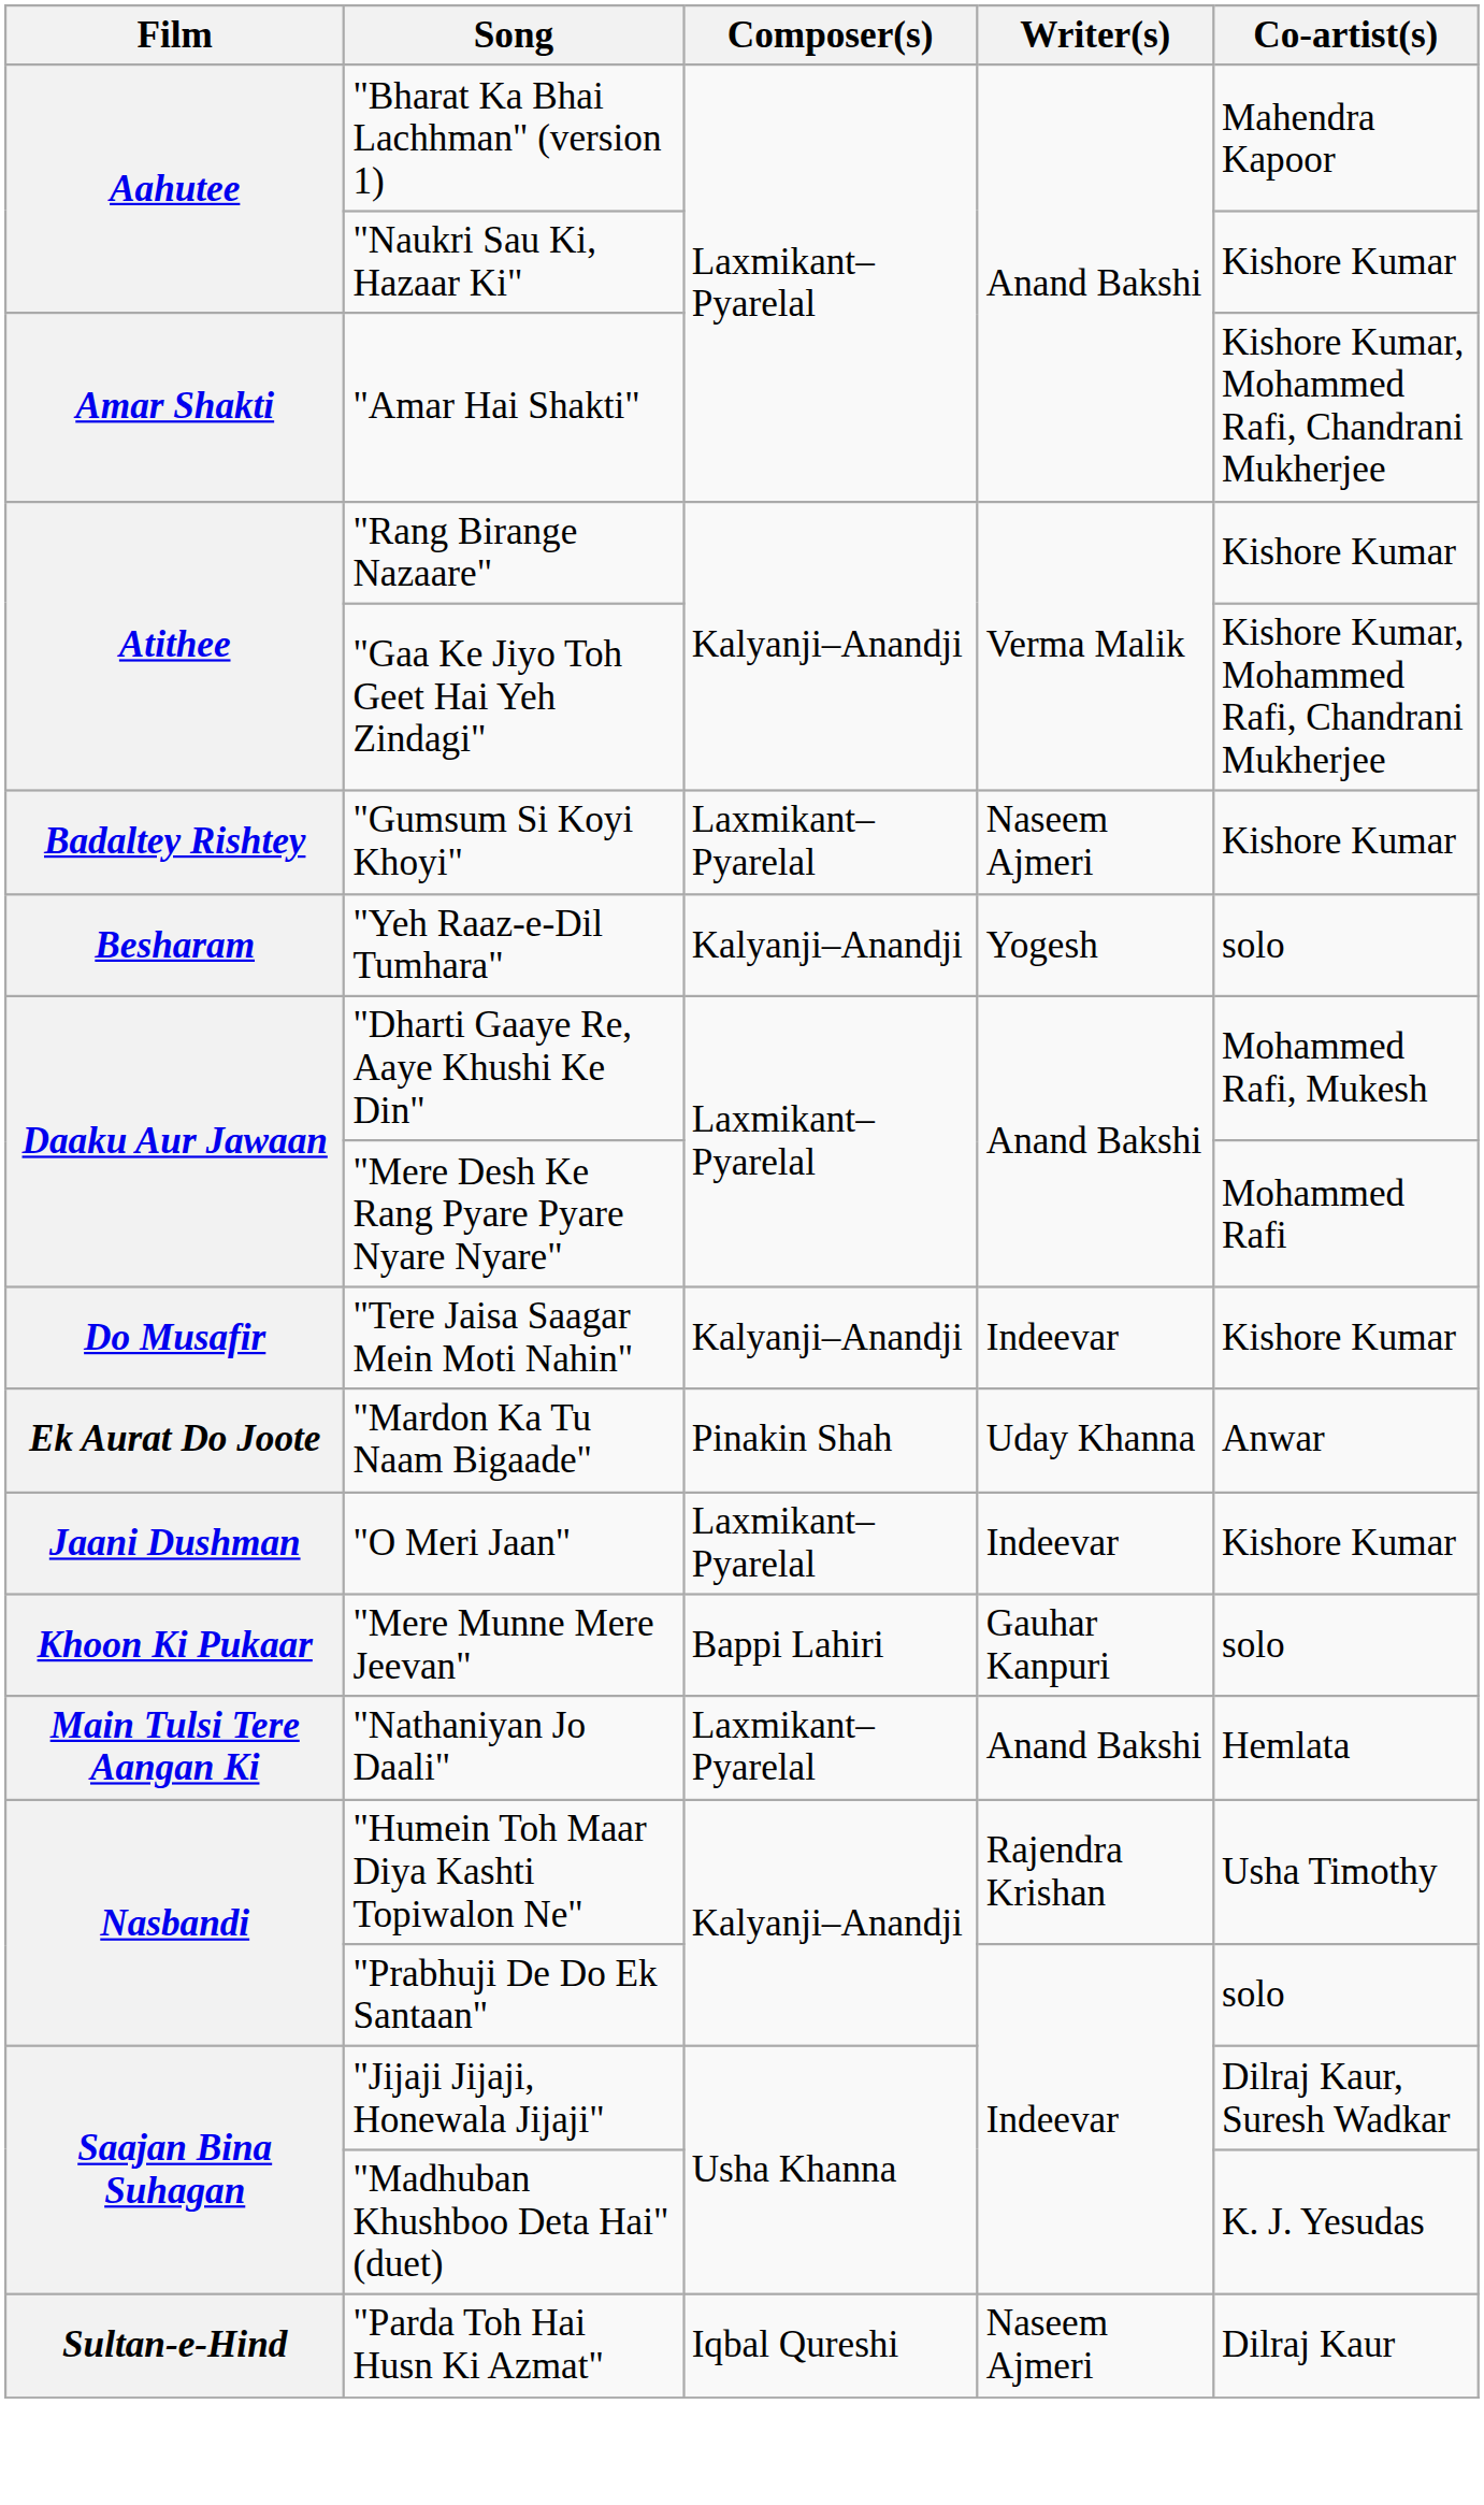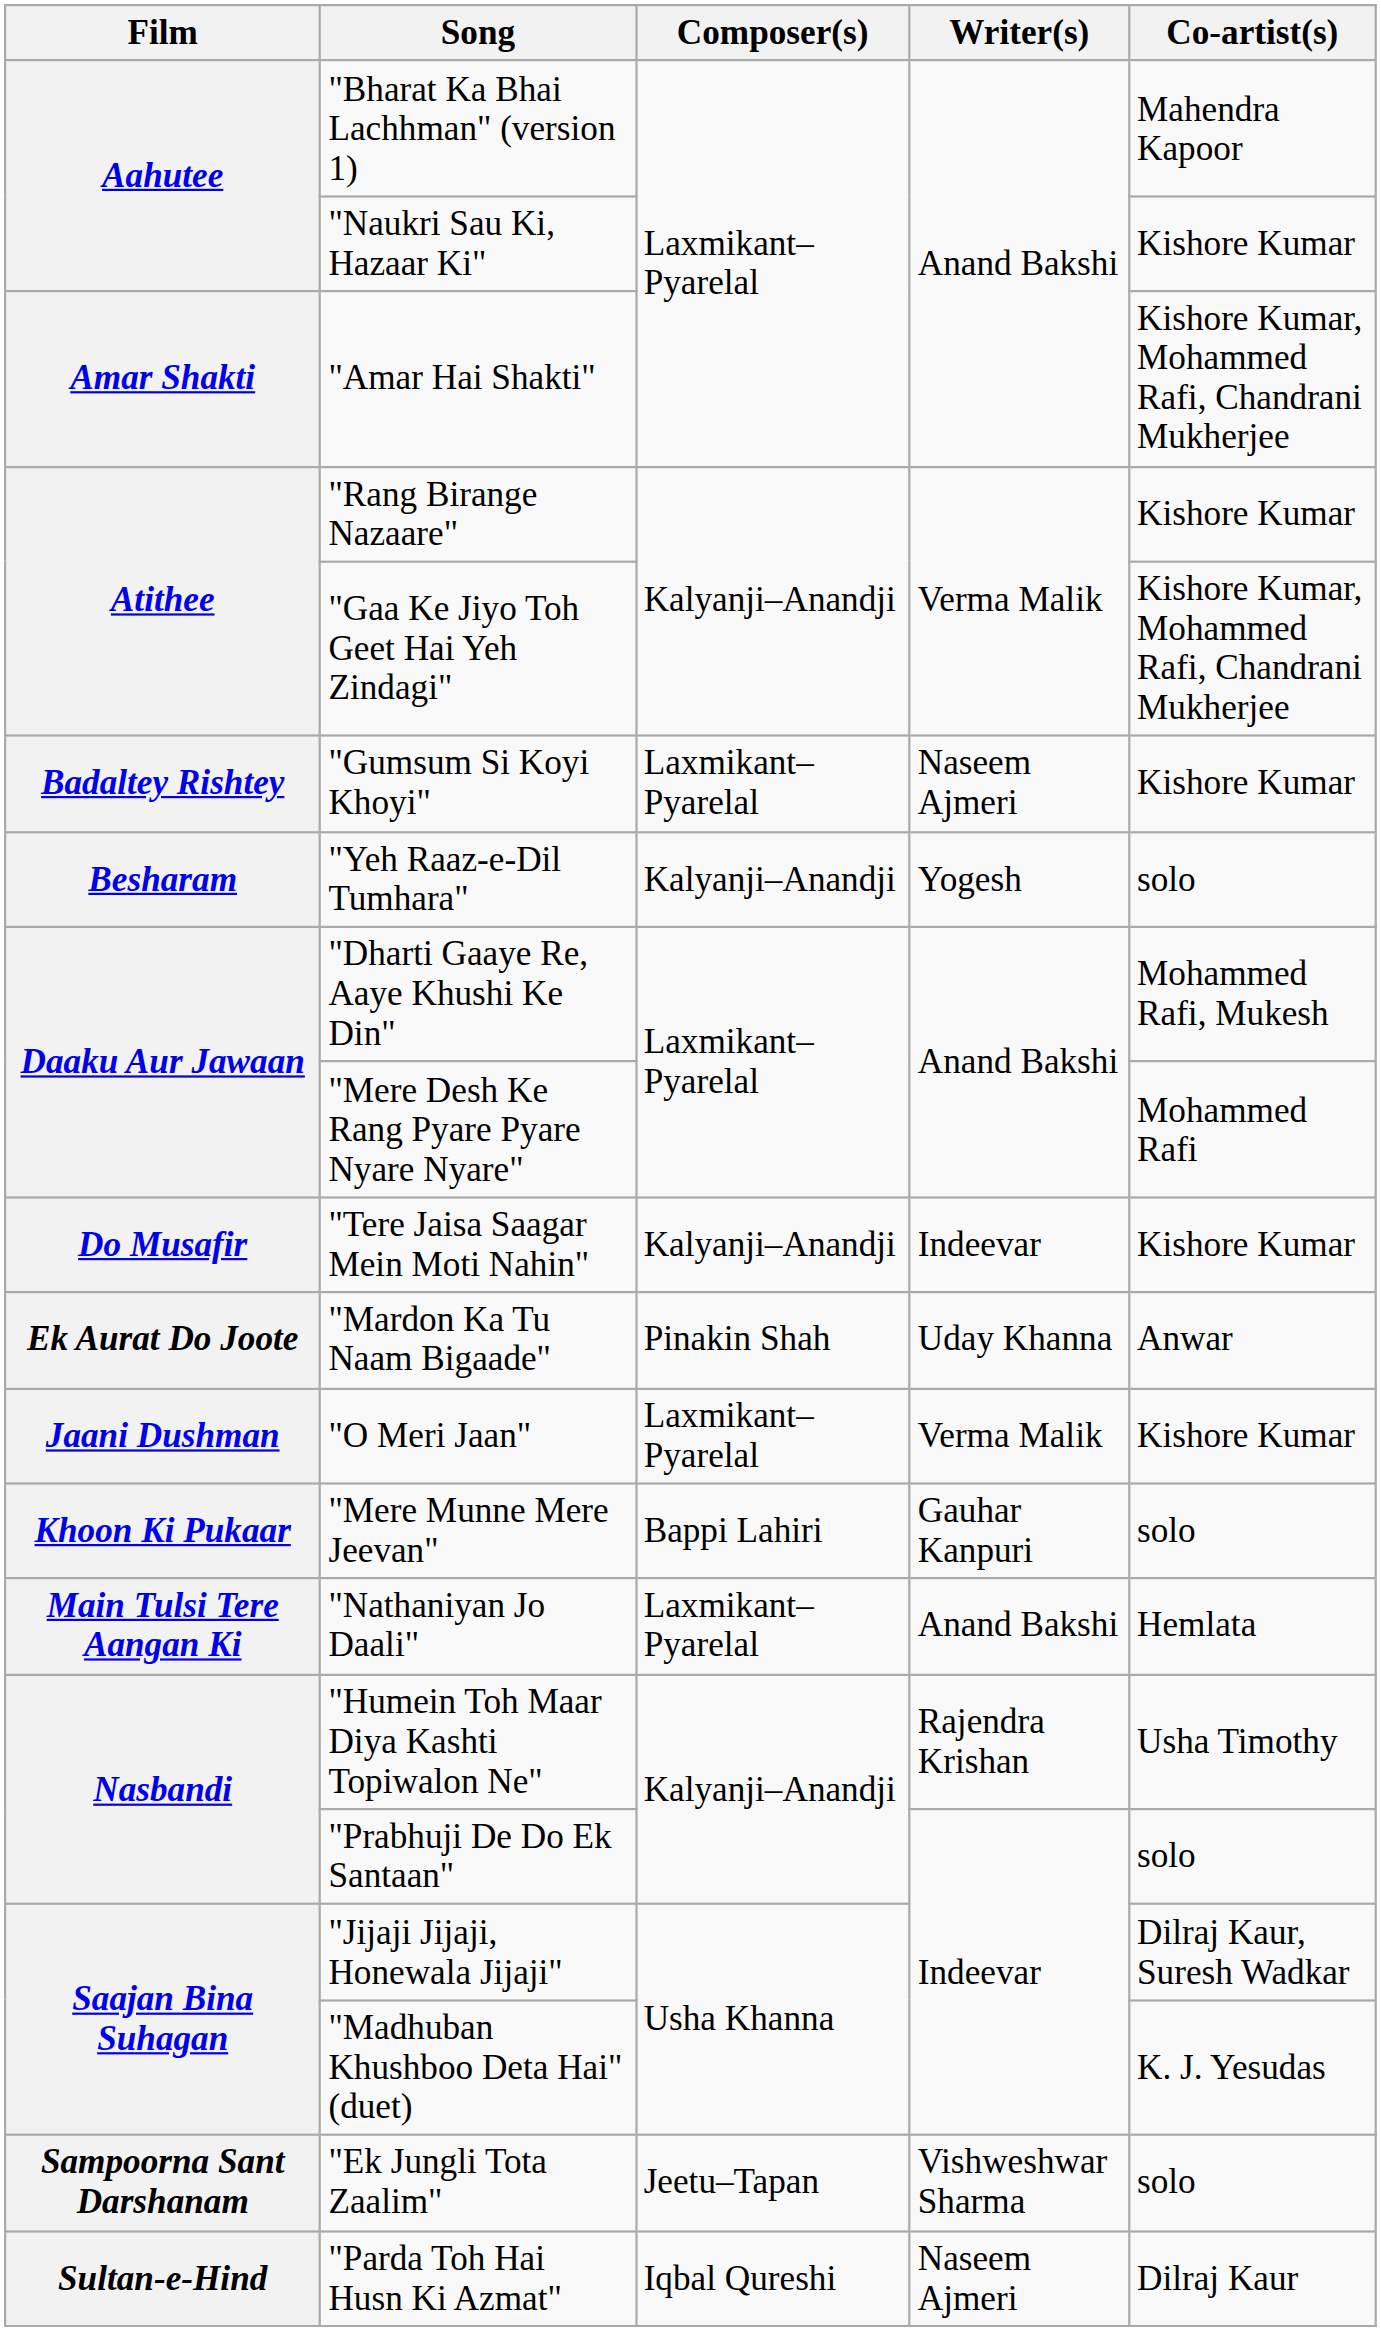 <table class="wikitable plainrowheaders" style="width:100%; textcolor:#000">
 <tr style="background:#b0e0e66;">
 <th scope="col" style="width:23%;"><strong>Film</strong></th>
 <th scope="col" style="width:23%;"><strong>Song</strong></th>
 <th scope="col" style="width:20%;"><strong>Composer(s)</strong></th>
 <th scope="col" style="width:16%;"><strong>Writer(s)</strong></th>
 <th scope="col" style="width:18%;"><strong>Co-artist(s)</strong></th>
 </tr>
 <tr>
 <th rowspan=2><em><a href='#'>Aahutee</a></em></th>
 <td>"Bharat Ka Bhai Lachhman" (version 1)</td>
 <td rowspan=3>Laxmikant–Pyarelal</td>
 <td rowspan=3>Anand Bakshi</td>
 <td>Mahendra Kapoor</td>
 </tr>
 <tr>
 <td>"Naukri Sau Ki, Hazaar Ki"</td>
 <td>Kishore Kumar</td>
 </tr>
 <tr>
 <th><em><a href='#'>Amar Shakti</a></em></th>
 <td>"Amar Hai Shakti"</td>
 <td>Kishore Kumar, Mohammed Rafi, Chandrani Mukherjee</td>
 </tr>
 <tr>
 <th Rowspan=2><em><a href='#'>Atithee</a></em></th>
 <td>"Rang Birange Nazaare"</td>
 <td rowspan=2>Kalyanji–Anandji</td>
 <td rowspan=2>Verma Malik</td>
 <td>Kishore Kumar</td>
 </tr>
 <tr>
 <td>"Gaa Ke Jiyo Toh Geet Hai Yeh Zindagi"</td>
 <td>Kishore Kumar, Mohammed Rafi, Chandrani Mukherjee</td>
 </tr>
 <tr>
 <th><em><a href='#'>Badaltey Rishtey</a></em></th>
 <td>"Gumsum Si Koyi Khoyi"</td>
 <td>Laxmikant–Pyarelal</td>
 <td>Naseem Ajmeri</td>
 <td>Kishore Kumar</td>
 </tr>
 <tr>
 <th><em><a href='#'>Besharam</a></em></th>
 <td>"Yeh Raaz-e-Dil Tumhara"</td>
 <td>Kalyanji–Anandji</td>
 <td>Yogesh</td>
 <td>solo</td>
 </tr>
 <tr>
 <th Rowspan=2><em><a href='#'>Daaku Aur Jawaan</a></em></th>
 <td>"Dharti Gaaye Re, Aaye Khushi Ke Din"</td>
 <td rowspan=2>Laxmikant–Pyarelal</td>
 <td rowspan=2>Anand Bakshi</td>
 <td>Mohammed Rafi, Mukesh</td>
 </tr>
 <tr>
 <td>"Mere Desh Ke Rang Pyare Pyare Nyare Nyare"</td>
 <td>Mohammed Rafi</td>
 </tr>
 <tr>
 <th><em><a href='#'>Do Musafir</a></em></th>
 <td>"Tere Jaisa Saagar Mein Moti Nahin"</td>
 <td>Kalyanji–Anandji</td>
 <td>Indeevar</td>
 <td>Kishore Kumar</td>
 </tr>
 <tr>
 <th><em>Ek Aurat Do Joote</em></th>
 <td>"Mardon Ka Tu Naam Bigaade"</td>
 <td>Pinakin Shah</td>
 <td>Uday Khanna</td>
 <td>Anwar</td>
 </tr>
 <tr>
 <th><em><a href='#'>Jaani Dushman</a></em></th>
 <td>"O Meri Jaan"</td>
 <td>Laxmikant–Pyarelal</td>
-<td>Indeevar</td>
+<td>Verma Malik</td>
 <td>Kishore Kumar</td>
 </tr>
 <tr>
 <th><em><a href='#'>Khoon Ki Pukaar</a></em></th>
 <td>"Mere Munne Mere Jeevan"</td>
 <td rowspan=1>Bappi Lahiri</td>
 <td>Gauhar Kanpuri</td>
 <td>solo</td>
 </tr>
 <tr>
 <th><em><a href='#'>Main Tulsi Tere Aangan Ki</a></em></th>
 <td>"Nathaniyan Jo Daali"</td>
 <td>Laxmikant–Pyarelal</td>
 <td>Anand Bakshi</td>
 <td>Hemlata</td>
 </tr>
 <tr>
 <th Rowspan=2><em><a href='#'>Nasbandi</a></em></th>
 <td>"Humein Toh Maar Diya Kashti Topiwalon Ne"</td>
 <td rowspan=2>Kalyanji–Anandji</td>
 <td>Rajendra Krishan</td>
 <td>Usha Timothy</td>
 </tr>
 <tr>
 <td>"Prabhuji De Do Ek Santaan"</td>
 <td rowspan=3>Indeevar</td>
 <td>solo</td>
 </tr>
 <tr>
 <th Rowspan=2><em><a href='#'>Saajan Bina Suhagan</a></em></th>
 <td>"Jijaji Jijaji, Honewala Jijaji"</td>
 <td Rowspan=2>Usha Khanna</td>
 <td>Dilraj Kaur, Suresh Wadkar</td>
 </tr>
 <tr>
 <td>"Madhuban Khushboo Deta Hai" (duet)</td>
 <td>K. J. Yesudas</td>
 </tr>
 <tr>
+<th><em>Sampoorna Sant Darshanam</em></th>
+<td>"Ek Jungli Tota Zaalim"</td>
+<td>Jeetu–Tapan</td>
+<td>Vishweshwar Sharma</td>
+<td>solo</td>
+</tr>
+<tr>
 <th><em>Sultan-e-Hind</em></th>
 <td>"Parda Toh Hai Husn Ki Azmat"</td>
 <td>Iqbal Qureshi</td>
 <td>Naseem Ajmeri</td>
 <td>Dilraj Kaur</td>
 </tr>
 <tr>
 </tr>
 </table>
